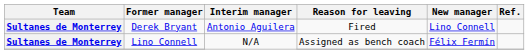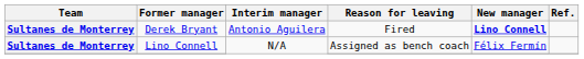 <table class="wikitable plainrowheaders" style="text-align:center;">
 <tr>
 <th scope="col">Team</th>
 <th scope="col">Former manager</th>
 <th scope="col">Interim manager</th>
 <th scope="col">Reason for leaving</th>
 <th scope="col">New manager</th>
 <th scope="col">Ref.</th>
 </tr>
 <tr>
 <th scope="row"><a href='#'>Sultanes de Monterrey</a></th>
 <td> <a href='#'>Derek Bryant</a></td>
 <td> <a href='#'>Antonio Aguilera</a></td>
 <td rowspan=1 style="text-align:center;">Fired</td>
-<td> <a href='#'>Lino Connell</a></td>
+<td><strong> <a href='#'>Lino Connell</a></strong></td>
 <td></td>
 </tr>
 <tr>
 <th scope="row"><a href='#'>Sultanes de Monterrey</a></th>
 <td> <a href='#'>Lino Connell</a></td>
 <td rowspan=2 style="text-align:center;">N/A</td>
 <td>Assigned as bench coach</td>
 <td> <a href='#'>Félix Fermín</a></td>
 <td></td>
 </tr>
 <tr>
 </tr>
 </table>
